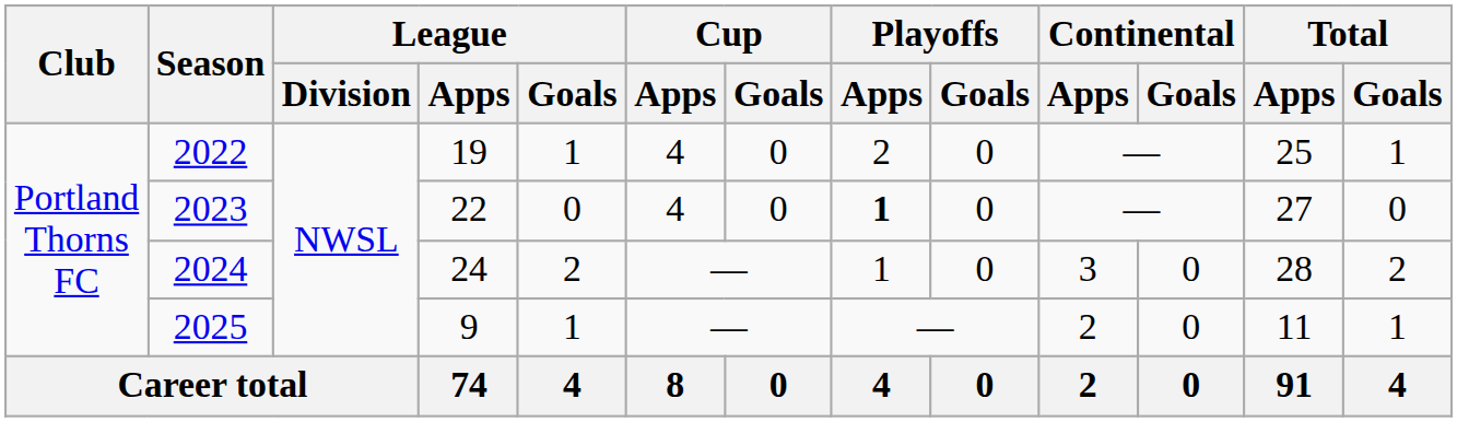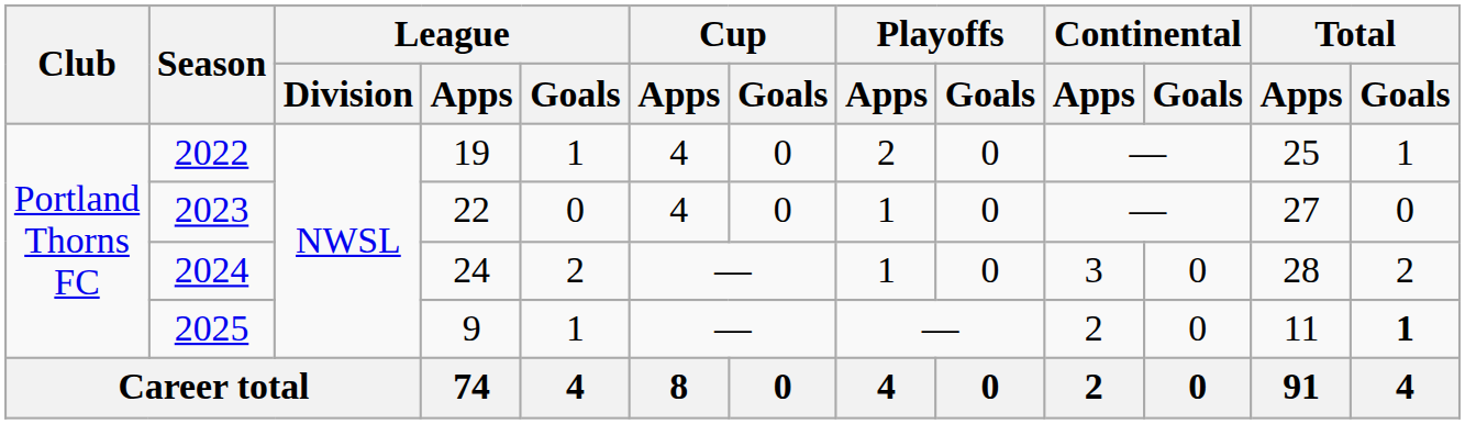 <table class="wikitable" style="text-align:center">
 <tr>
 <th rowspan="2">Club</th>
 <th rowspan="2">Season</th>
 <th colspan="3">League</th>
 <th colspan="2">Cup</th>
 <th colspan="2">Playoffs</th>
 <th colspan="2">Continental</th>
 <th colspan="2">Total</th>
 </tr>
 <tr>
 <th>Division</th>
 <th>Apps</th>
 <th>Goals</th>
 <th>Apps</th>
 <th>Goals</th>
 <th>Apps</th>
 <th>Goals</th>
 <th>Apps</th>
 <th>Goals</th>
 <th>Apps</th>
 <th>Goals</th>
 </tr>
 <tr>
 <td rowspan="4"><a href='#'>Portland Thorns FC</a></td>
 <td><a href='#'>2022</a></td>
 <td rowspan="4"><a href='#'>NWSL</a></td>
 <td>19</td>
 <td>1</td>
 <td>4</td>
 <td>0</td>
 <td>2</td>
 <td>0</td>
 <td colspan="2">—</td>
 <td>25</td>
 <td>1</td>
 </tr>
 <tr>
 <td><a href='#'>2023</a></td>
 <td>22</td>
 <td>0</td>
 <td>4</td>
 <td>0</td>
-<td><strong>1</strong></td>
+<td>1</td>
 <td>0</td>
 <td colspan="2">—</td>
 <td>27</td>
 <td>0</td>
 </tr>
 <tr>
 <td><a href='#'>2024</a></td>
 <td>24</td>
 <td>2</td>
 <td colspan="2">—</td>
 <td>1</td>
 <td>0</td>
 <td>3</td>
 <td>0</td>
 <td>28</td>
 <td>2</td>
 </tr>
 <tr>
 <td><a href='#'>2025</a></td>
 <td>9</td>
 <td>1</td>
 <td colspan="2">—</td>
 <td colspan="2">—</td>
 <td>2</td>
 <td>0</td>
 <td>11</td>
-<td>1</td>
+<td><strong>1</strong></td>
 </tr>
 <tr>
 <th colspan="3">Career total</th>
 <th>74</th>
 <th>4</th>
 <th>8</th>
 <th>0</th>
 <th>4</th>
 <th>0</th>
 <th>2</th>
 <th>0</th>
 <th>91</th>
 <th>4</th>
 </tr>
 </table>
